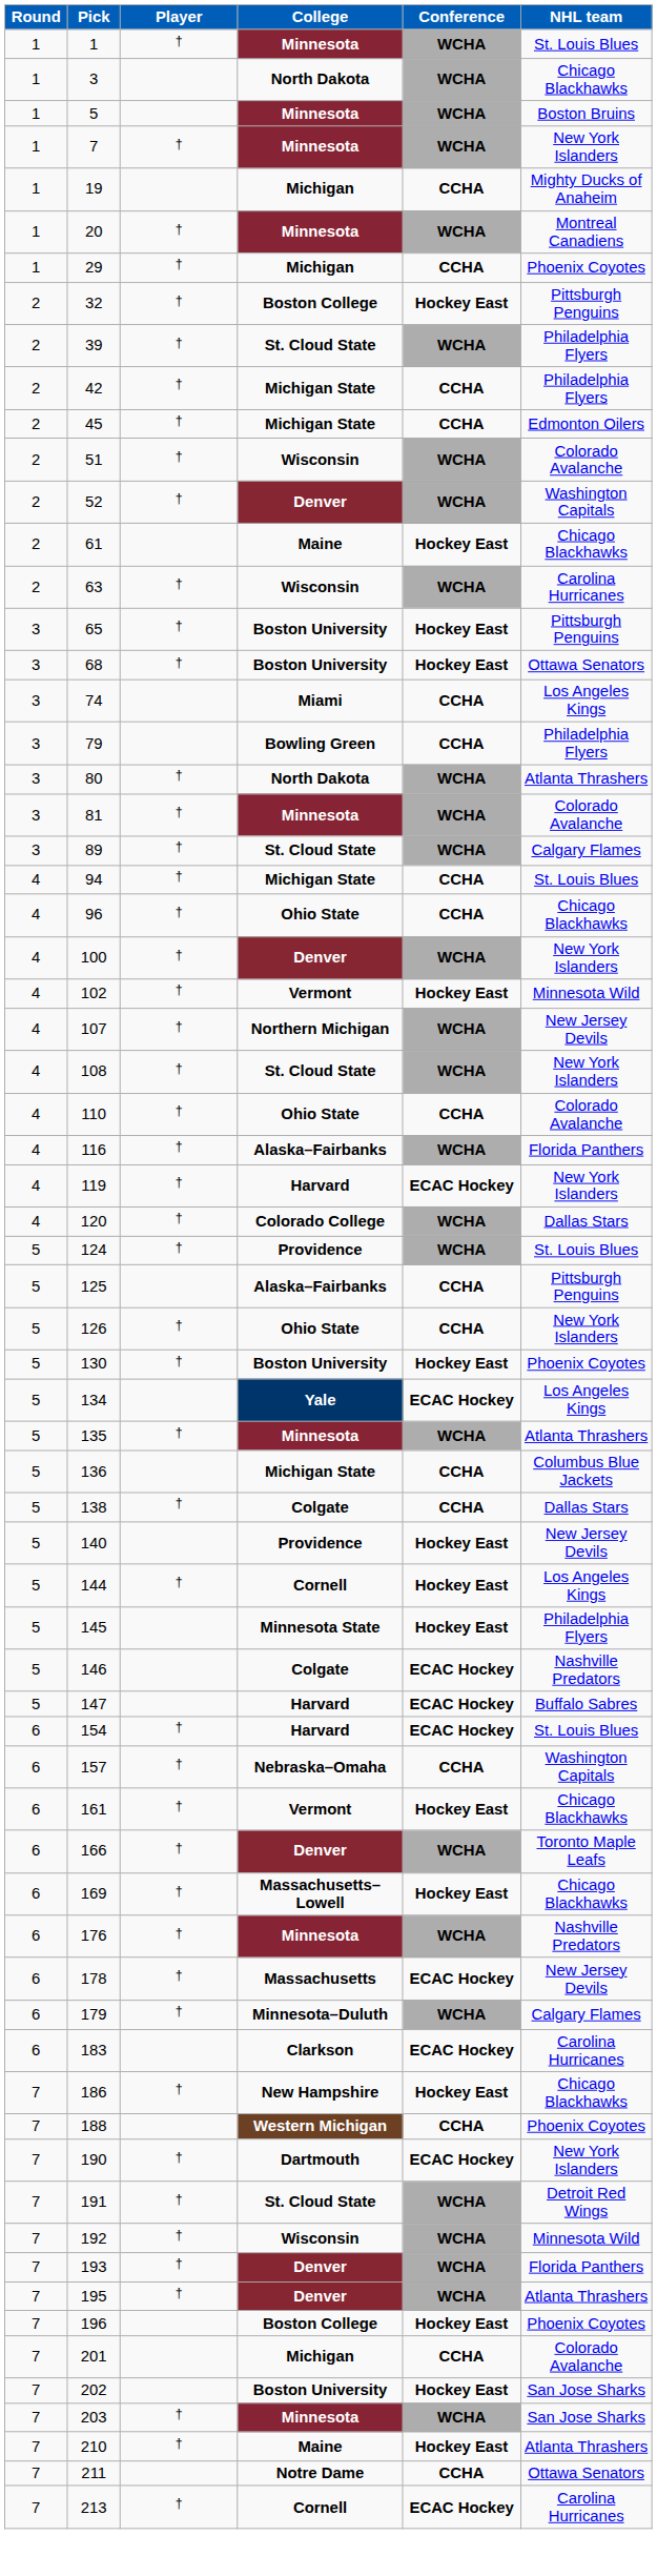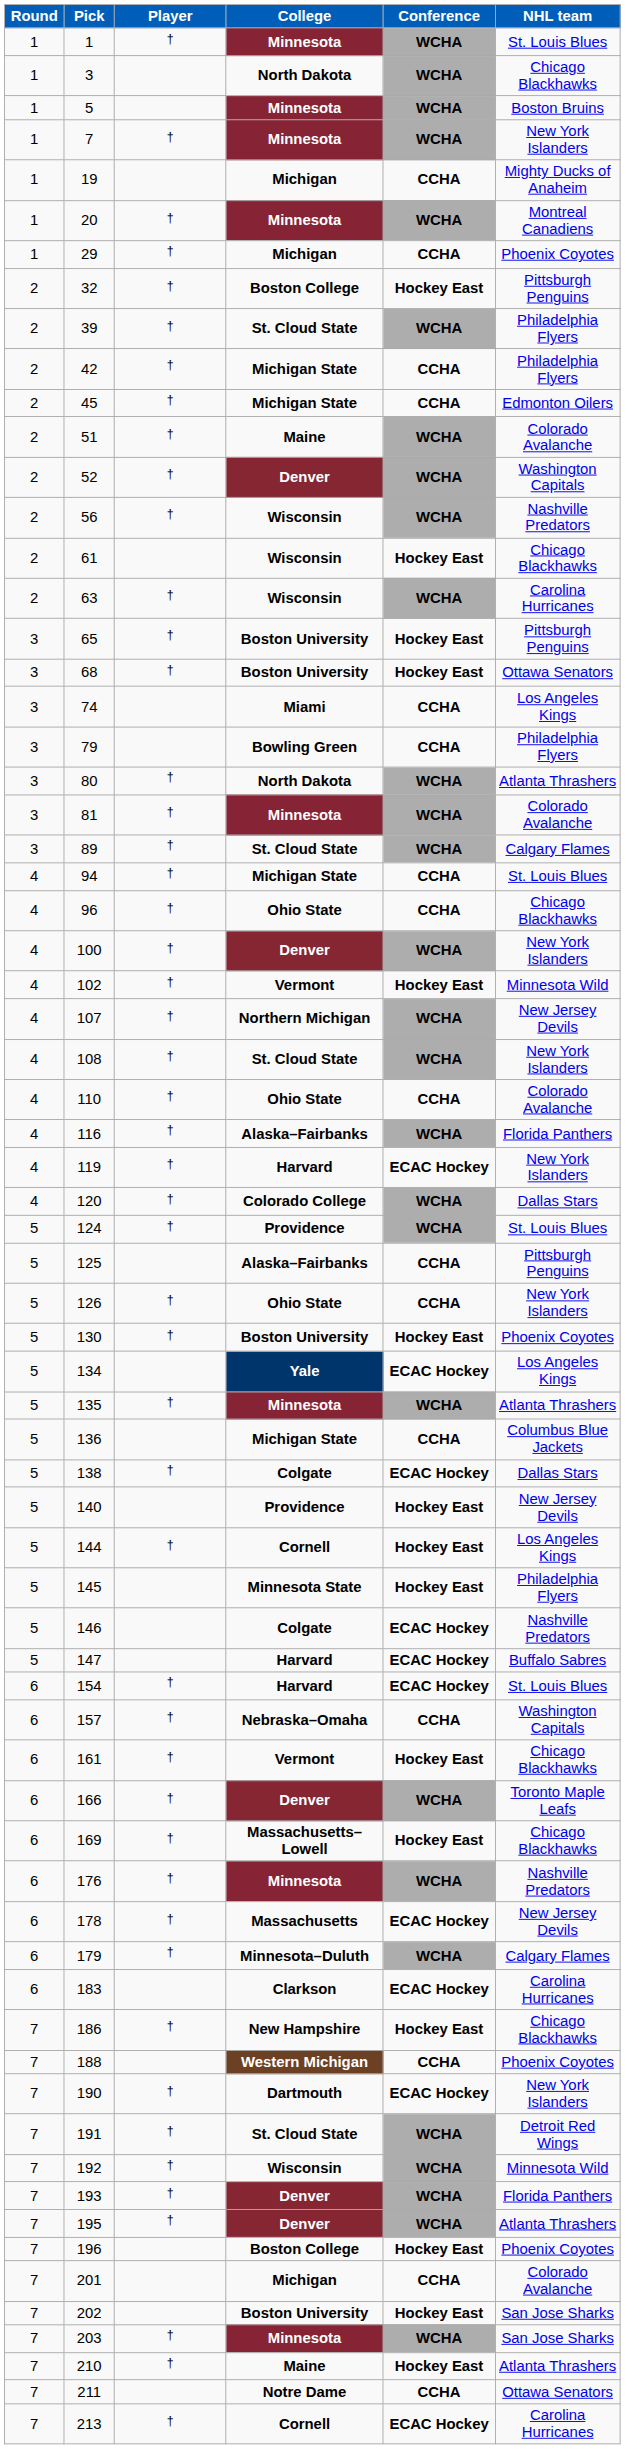 <table class="wikitable sortable" width="75%">
 <tr>
 <th style="color:white; background-color:#005EB8; width: 4em;">Round</th>
 <th style="color:white; background-color:#005EB8; width: 4em;">Pick</th>
 <th style="color:white; background-color:#005EB8; width: 12em;">Player</th>
 <th style="color:white; background-color:#005EB8; width: 13em;">College</th>
 <th style="color:white; background-color:#005EB8; width: 9em;">Conference</th>
 <th style="color:white; background-color:#005EB8; width: 11em;">NHL team</th>
 </tr>
 <tr align="center" bgcolor="">
 <td>1</td>
 <td>1</td>
 <td> <sup>†</sup></td>
 <td style="color:white; background:#862334; "><strong>Minnesota</strong></td>
 <td style="color:black; background:#ADADAD; "><strong>WCHA</strong></td>
 <td><a href='#'>St. Louis Blues</a></td>
 </tr>
 <tr align="center" bgcolor="">
 <td>1</td>
 <td>3</td>
 <td></td>
 <td><strong>North Dakota</strong></td>
 <td style="color:black; background:#ADADAD; "><strong>WCHA</strong></td>
 <td><a href='#'>Chicago Blackhawks</a></td>
 </tr>
 <tr align="center" bgcolor="">
 <td>1</td>
 <td>5</td>
 <td></td>
 <td style="color:white; background:#862334; "><strong>Minnesota</strong></td>
 <td style="color:black; background:#ADADAD; "><strong>WCHA</strong></td>
 <td><a href='#'>Boston Bruins</a></td>
 </tr>
 <tr align="center" bgcolor="">
 <td>1</td>
 <td>7</td>
 <td> <sup>†</sup></td>
 <td style="color:white; background:#862334; "><strong>Minnesota</strong></td>
 <td style="color:black; background:#ADADAD; "><strong>WCHA</strong></td>
 <td><a href='#'>New York Islanders</a></td>
 </tr>
 <tr align="center" bgcolor="">
 <td>1</td>
 <td>19</td>
 <td></td>
 <td><strong>Michigan</strong></td>
 <td><strong>CCHA</strong></td>
 <td><a href='#'>Mighty Ducks of Anaheim</a></td>
 </tr>
 <tr align="center" bgcolor="">
 <td>1</td>
 <td>20</td>
 <td> <sup>†</sup></td>
 <td style="color:white; background:#862334; "><strong>Minnesota</strong></td>
 <td style="color:black; background:#ADADAD; "><strong>WCHA</strong></td>
 <td><a href='#'>Montreal Canadiens</a></td>
 </tr>
 <tr align="center" bgcolor="">
 <td>1</td>
 <td>29</td>
 <td> <sup>†</sup></td>
 <td><strong>Michigan</strong></td>
 <td><strong>CCHA</strong></td>
 <td><a href='#'>Phoenix Coyotes</a></td>
 </tr>
 <tr align="center" bgcolor="">
 <td>2</td>
 <td>32</td>
 <td> <sup>†</sup></td>
 <td><strong>Boston College</strong></td>
 <td><strong>Hockey East</strong></td>
 <td><a href='#'>Pittsburgh Penguins</a></td>
 </tr>
 <tr align="center" bgcolor="">
 <td>2</td>
 <td>39</td>
 <td> <sup>†</sup></td>
 <td><strong>St. Cloud State</strong></td>
 <td style="color:black; background:#ADADAD; "><strong>WCHA</strong></td>
 <td><a href='#'>Philadelphia Flyers</a></td>
 </tr>
 <tr align="center" bgcolor="">
 <td>2</td>
 <td>42</td>
 <td> <sup>†</sup></td>
 <td><strong>Michigan State</strong></td>
 <td><strong>CCHA</strong></td>
 <td><a href='#'>Philadelphia Flyers</a></td>
 </tr>
 <tr align="center" bgcolor="">
 <td>2</td>
 <td>45</td>
 <td> <sup>†</sup></td>
 <td><strong>Michigan State</strong></td>
 <td><strong>CCHA</strong></td>
 <td><a href='#'>Edmonton Oilers</a></td>
 </tr>
 <tr align="center" bgcolor="">
 <td>2</td>
 <td>51</td>
 <td> <sup>†</sup></td>
-<td><strong>Wisconsin</strong></td>
+<td><strong>Maine</strong></td>
 <td style="color:black; background:#ADADAD; "><strong>WCHA</strong></td>
 <td><a href='#'>Colorado Avalanche</a></td>
 </tr>
 <tr align="center" bgcolor="">
 <td>2</td>
 <td>52</td>
 <td> <sup>†</sup></td>
 <td style="color:white; background:#862633; "><strong>Denver</strong></td>
 <td style="color:black; background:#ADADAD; "><strong>WCHA</strong></td>
 <td><a href='#'>Washington Capitals</a></td>
 </tr>
 <tr align="center" bgcolor="">
 <td>2</td>
+<td>56</td>
+<td> <sup>†</sup></td>
+<td><strong>Wisconsin</strong></td>
+<td style="color:black; background:#ADADAD; "><strong>WCHA</strong></td>
+<td><a href='#'>Nashville Predators</a></td>
+</tr>
+<tr align="center" bgcolor="">
+<td>2</td>
 <td>61</td>
 <td></td>
-<td><strong>Maine</strong></td>
+<td><strong>Wisconsin</strong></td>
 <td><strong>Hockey East</strong></td>
 <td><a href='#'>Chicago Blackhawks</a></td>
 </tr>
 <tr align="center" bgcolor="">
 <td>2</td>
 <td>63</td>
 <td> <sup>†</sup></td>
 <td><strong>Wisconsin</strong></td>
 <td style="color:black; background:#ADADAD; "><strong>WCHA</strong></td>
 <td><a href='#'>Carolina Hurricanes</a></td>
 </tr>
 <tr align="center" bgcolor="">
 <td>3</td>
 <td>65</td>
 <td> <sup>†</sup></td>
 <td><strong>Boston University</strong></td>
 <td><strong>Hockey East</strong></td>
 <td><a href='#'>Pittsburgh Penguins</a></td>
 </tr>
 <tr align="center" bgcolor="">
 <td>3</td>
 <td>68</td>
 <td> <sup>†</sup></td>
 <td><strong>Boston University</strong></td>
 <td><strong>Hockey East</strong></td>
 <td><a href='#'>Ottawa Senators</a></td>
 </tr>
 <tr align="center" bgcolor="">
 <td>3</td>
 <td>74</td>
 <td></td>
 <td><strong>Miami</strong></td>
 <td><strong>CCHA</strong></td>
 <td><a href='#'>Los Angeles Kings</a></td>
 </tr>
 <tr align="center" bgcolor="">
 <td>3</td>
 <td>79</td>
 <td></td>
 <td><strong>Bowling Green</strong></td>
 <td><strong>CCHA</strong></td>
 <td><a href='#'>Philadelphia Flyers</a></td>
 </tr>
 <tr align="center" bgcolor="">
 <td>3</td>
 <td>80</td>
 <td> <sup>†</sup></td>
 <td><strong>North Dakota</strong></td>
 <td style="color:black; background:#ADADAD; "><strong>WCHA</strong></td>
 <td><a href='#'>Atlanta Thrashers</a></td>
 </tr>
 <tr align="center" bgcolor="">
 <td>3</td>
 <td>81</td>
 <td> <sup>†</sup></td>
 <td style="color:white; background:#862334; "><strong>Minnesota</strong></td>
 <td style="color:black; background:#ADADAD; "><strong>WCHA</strong></td>
 <td><a href='#'>Colorado Avalanche</a></td>
 </tr>
 <tr align="center" bgcolor="">
 <td>3</td>
 <td>89</td>
 <td> <sup>†</sup></td>
 <td><strong>St. Cloud State</strong></td>
 <td style="color:black; background:#ADADAD; "><strong>WCHA</strong></td>
 <td><a href='#'>Calgary Flames</a></td>
 </tr>
 <tr align="center" bgcolor="">
 <td>4</td>
 <td>94</td>
 <td> <sup>†</sup></td>
 <td><strong>Michigan State</strong></td>
 <td><strong>CCHA</strong></td>
 <td><a href='#'>St. Louis Blues</a></td>
 </tr>
 <tr align="center" bgcolor="">
 <td>4</td>
 <td>96</td>
 <td> <sup>†</sup></td>
 <td><strong>Ohio State</strong></td>
 <td><strong>CCHA</strong></td>
 <td><a href='#'>Chicago Blackhawks</a></td>
 </tr>
 <tr align="center" bgcolor="">
 <td>4</td>
 <td>100</td>
 <td> <sup>†</sup></td>
 <td style="color:white; background:#862633; "><strong>Denver</strong></td>
 <td style="color:black; background:#ADADAD; "><strong>WCHA</strong></td>
 <td><a href='#'>New York Islanders</a></td>
 </tr>
 <tr align="center" bgcolor="">
 <td>4</td>
 <td>102</td>
 <td> <sup>†</sup></td>
 <td><strong>Vermont</strong></td>
 <td><strong>Hockey East</strong></td>
 <td><a href='#'>Minnesota Wild</a></td>
 </tr>
 <tr align="center" bgcolor="">
 <td>4</td>
 <td>107</td>
 <td> <sup>†</sup></td>
 <td><strong>Northern Michigan</strong></td>
 <td style="color:black; background:#ADADAD; "><strong>WCHA</strong></td>
 <td><a href='#'>New Jersey Devils</a></td>
 </tr>
 <tr align="center" bgcolor="">
 <td>4</td>
 <td>108</td>
 <td> <sup>†</sup></td>
 <td><strong>St. Cloud State</strong></td>
 <td style="color:black; background:#ADADAD; "><strong>WCHA</strong></td>
 <td><a href='#'>New York Islanders</a></td>
 </tr>
 <tr align="center" bgcolor="">
 <td>4</td>
 <td>110</td>
 <td> <sup>†</sup></td>
 <td><strong>Ohio State</strong></td>
 <td><strong>CCHA</strong></td>
 <td><a href='#'>Colorado Avalanche</a></td>
 </tr>
 <tr align="center" bgcolor="">
 <td>4</td>
 <td>116</td>
 <td> <sup>†</sup></td>
 <td><strong>Alaska–Fairbanks</strong></td>
 <td style="color:black; background:#ADADAD; "><strong>WCHA</strong></td>
 <td><a href='#'>Florida Panthers</a></td>
 </tr>
 <tr align="center" bgcolor="">
 <td>4</td>
 <td>119</td>
 <td> <sup>†</sup></td>
 <td><strong>Harvard</strong></td>
 <td><strong>ECAC Hockey</strong></td>
 <td><a href='#'>New York Islanders</a></td>
 </tr>
 <tr align="center" bgcolor="">
 <td>4</td>
 <td>120</td>
 <td> <sup>†</sup></td>
 <td><strong>Colorado College</strong></td>
 <td style="color:black; background:#ADADAD; "><strong>WCHA</strong></td>
 <td><a href='#'>Dallas Stars</a></td>
 </tr>
 <tr align="center" bgcolor="">
 <td>5</td>
 <td>124</td>
 <td> <sup>†</sup></td>
 <td><strong>Providence</strong></td>
 <td style="color:black; background:#ADADAD; "><strong>WCHA</strong></td>
 <td><a href='#'>St. Louis Blues</a></td>
 </tr>
 <tr align="center" bgcolor="">
 <td>5</td>
 <td>125</td>
 <td></td>
 <td><strong>Alaska–Fairbanks</strong></td>
 <td><strong>CCHA</strong></td>
 <td><a href='#'>Pittsburgh Penguins</a></td>
 </tr>
 <tr align="center" bgcolor="">
 <td>5</td>
 <td>126</td>
 <td> <sup>†</sup></td>
 <td><strong>Ohio State</strong></td>
 <td><strong>CCHA</strong></td>
 <td><a href='#'>New York Islanders</a></td>
 </tr>
 <tr align="center" bgcolor="">
 <td>5</td>
 <td>130</td>
 <td> <sup>†</sup></td>
 <td><strong>Boston University</strong></td>
 <td><strong>Hockey East</strong></td>
 <td><a href='#'>Phoenix Coyotes</a></td>
 </tr>
 <tr align="center" bgcolor="">
 <td>5</td>
 <td>134</td>
 <td></td>
 <td style="color:white; background:#00356B"><strong>Yale</strong></td>
 <td><strong>ECAC Hockey</strong></td>
 <td><a href='#'>Los Angeles Kings</a></td>
 </tr>
 <tr align="center" bgcolor="">
 <td>5</td>
 <td>135</td>
 <td> <sup>†</sup></td>
 <td style="color:white; background:#862334; "><strong>Minnesota</strong></td>
 <td style="color:black; background:#ADADAD; "><strong>WCHA</strong></td>
 <td><a href='#'>Atlanta Thrashers</a></td>
 </tr>
 <tr align="center" bgcolor="">
 <td>5</td>
 <td>136</td>
 <td></td>
 <td><strong>Michigan State</strong></td>
 <td><strong>CCHA</strong></td>
 <td><a href='#'>Columbus Blue Jackets</a></td>
 </tr>
 <tr align="center" bgcolor="">
 <td>5</td>
 <td>138</td>
 <td> <sup>†</sup></td>
 <td><strong>Colgate</strong></td>
-<td><strong>CCHA</strong></td>
+<td><strong>ECAC Hockey</strong></td>
 <td><a href='#'>Dallas Stars</a></td>
 </tr>
 <tr align="center" bgcolor="">
 <td>5</td>
 <td>140</td>
 <td></td>
 <td><strong>Providence</strong></td>
 <td><strong>Hockey East</strong></td>
 <td><a href='#'>New Jersey Devils</a></td>
 </tr>
 <tr align="center" bgcolor="">
 <td>5</td>
 <td>144</td>
 <td> <sup>†</sup></td>
 <td><strong>Cornell</strong></td>
 <td><strong>Hockey East</strong></td>
 <td><a href='#'>Los Angeles Kings</a></td>
 </tr>
 <tr align="center" bgcolor="">
 <td>5</td>
 <td>145</td>
 <td></td>
 <td><strong>Minnesota State</strong></td>
 <td><strong>Hockey East</strong></td>
 <td><a href='#'>Philadelphia Flyers</a></td>
 </tr>
 <tr align="center" bgcolor="">
 <td>5</td>
 <td>146</td>
 <td></td>
 <td><strong>Colgate</strong></td>
 <td><strong>ECAC Hockey</strong></td>
 <td><a href='#'>Nashville Predators</a></td>
 </tr>
 <tr align="center" bgcolor="">
 <td>5</td>
 <td>147</td>
 <td></td>
 <td><strong>Harvard</strong></td>
 <td><strong>ECAC Hockey</strong></td>
 <td><a href='#'>Buffalo Sabres</a></td>
 </tr>
 <tr align="center" bgcolor="">
 <td>6</td>
 <td>154</td>
 <td> <sup>†</sup></td>
 <td><strong>Harvard</strong></td>
 <td><strong>ECAC Hockey</strong></td>
 <td><a href='#'>St. Louis Blues</a></td>
 </tr>
 <tr align="center" bgcolor="">
 <td>6</td>
 <td>157</td>
 <td> <sup>†</sup></td>
 <td><strong>Nebraska–Omaha</strong></td>
 <td><strong>CCHA</strong></td>
 <td><a href='#'>Washington Capitals</a></td>
 </tr>
 <tr align="center" bgcolor="">
 <td>6</td>
 <td>161</td>
 <td> <sup>†</sup></td>
 <td><strong>Vermont</strong></td>
 <td><strong>Hockey East</strong></td>
 <td><a href='#'>Chicago Blackhawks</a></td>
 </tr>
 <tr align="center" bgcolor="">
 <td>6</td>
 <td>166</td>
 <td> <sup>†</sup></td>
 <td style="color:white; background:#862633; "><strong>Denver</strong></td>
 <td style="color:black; background:#ADADAD; "><strong>WCHA</strong></td>
 <td><a href='#'>Toronto Maple Leafs</a></td>
 </tr>
 <tr align="center" bgcolor="">
 <td>6</td>
 <td>169</td>
 <td> <sup>†</sup></td>
 <td><strong>Massachusetts–Lowell</strong></td>
 <td><strong>Hockey East</strong></td>
 <td><a href='#'>Chicago Blackhawks</a></td>
 </tr>
 <tr align="center" bgcolor="">
 <td>6</td>
 <td>176</td>
 <td> <sup>†</sup></td>
 <td style="color:white; background:#862334; "><strong>Minnesota</strong></td>
 <td style="color:black; background:#ADADAD; "><strong>WCHA</strong></td>
 <td><a href='#'>Nashville Predators</a></td>
 </tr>
 <tr align="center" bgcolor="">
 <td>6</td>
 <td>178</td>
 <td> <sup>†</sup></td>
 <td><strong>Massachusetts</strong></td>
 <td><strong>ECAC Hockey</strong></td>
 <td><a href='#'>New Jersey Devils</a></td>
 </tr>
 <tr align="center" bgcolor="">
 <td>6</td>
 <td>179</td>
 <td> <sup>†</sup></td>
 <td><strong>Minnesota–Duluth</strong></td>
 <td style="color:black; background:#ADADAD; "><strong>WCHA</strong></td>
 <td><a href='#'>Calgary Flames</a></td>
 </tr>
 <tr align="center" bgcolor="">
 <td>6</td>
 <td>183</td>
 <td></td>
 <td><strong>Clarkson</strong></td>
 <td><strong>ECAC Hockey</strong></td>
 <td><a href='#'>Carolina Hurricanes</a></td>
 </tr>
 <tr align="center" bgcolor="">
 <td>7</td>
 <td>186</td>
 <td> <sup>†</sup></td>
 <td><strong>New Hampshire</strong></td>
 <td><strong>Hockey East</strong></td>
 <td><a href='#'>Chicago Blackhawks</a></td>
 </tr>
 <tr align="center" bgcolor="">
 <td>7</td>
 <td>188</td>
 <td></td>
 <td style="color:white; background:#6C4023; "><strong>Western Michigan</strong></td>
 <td><strong>CCHA</strong></td>
 <td><a href='#'>Phoenix Coyotes</a></td>
 </tr>
 <tr align="center" bgcolor="">
 <td>7</td>
 <td>190</td>
 <td> <sup>†</sup></td>
 <td><strong>Dartmouth</strong></td>
 <td><strong>ECAC Hockey</strong></td>
 <td><a href='#'>New York Islanders</a></td>
 </tr>
 <tr align="center" bgcolor="">
 <td>7</td>
 <td>191</td>
 <td> <sup>†</sup></td>
 <td><strong>St. Cloud State</strong></td>
 <td style="color:black; background:#ADADAD; "><strong>WCHA</strong></td>
 <td><a href='#'>Detroit Red Wings</a></td>
 </tr>
 <tr align="center" bgcolor="">
 <td>7</td>
 <td>192</td>
 <td> <sup>†</sup></td>
 <td><strong>Wisconsin</strong></td>
 <td style="color:black; background:#ADADAD; "><strong>WCHA</strong></td>
 <td><a href='#'>Minnesota Wild</a></td>
 </tr>
 <tr align="center" bgcolor="">
 <td>7</td>
 <td>193</td>
 <td> <sup>†</sup></td>
 <td style="color:white; background:#862633; "><strong>Denver</strong></td>
 <td style="color:black; background:#ADADAD; "><strong>WCHA</strong></td>
 <td><a href='#'>Florida Panthers</a></td>
 </tr>
 <tr align="center" bgcolor="">
 <td>7</td>
 <td>195</td>
 <td> <sup>†</sup></td>
 <td style="color:white; background:#862633; "><strong>Denver</strong></td>
 <td style="color:black; background:#ADADAD; "><strong>WCHA</strong></td>
 <td><a href='#'>Atlanta Thrashers</a></td>
 </tr>
 <tr align="center" bgcolor="">
 <td>7</td>
 <td>196</td>
 <td></td>
 <td><strong>Boston College</strong></td>
 <td><strong>Hockey East</strong></td>
 <td><a href='#'>Phoenix Coyotes</a></td>
 </tr>
 <tr align="center" bgcolor="">
 <td>7</td>
 <td>201</td>
 <td></td>
 <td><strong>Michigan</strong></td>
 <td><strong>CCHA</strong></td>
 <td><a href='#'>Colorado Avalanche</a></td>
 </tr>
 <tr align="center" bgcolor="">
 <td>7</td>
 <td>202</td>
 <td></td>
 <td><strong>Boston University</strong></td>
 <td><strong>Hockey East</strong></td>
 <td><a href='#'>San Jose Sharks</a></td>
 </tr>
 <tr align="center" bgcolor="">
 <td>7</td>
 <td>203</td>
 <td> <sup>†</sup></td>
 <td style="color:white; background:#862334; "><strong>Minnesota</strong></td>
 <td style="color:black; background:#ADADAD; "><strong>WCHA</strong></td>
 <td><a href='#'>San Jose Sharks</a></td>
 </tr>
 <tr align="center" bgcolor="">
 <td>7</td>
 <td>210</td>
 <td> <sup>†</sup></td>
 <td><strong>Maine</strong></td>
 <td><strong>Hockey East</strong></td>
 <td><a href='#'>Atlanta Thrashers</a></td>
 </tr>
 <tr align="center" bgcolor="">
 <td>7</td>
 <td>211</td>
 <td></td>
 <td><strong>Notre Dame</strong></td>
 <td><strong>CCHA</strong></td>
 <td><a href='#'>Ottawa Senators</a></td>
 </tr>
 <tr align="center" bgcolor="">
 <td>7</td>
 <td>213</td>
 <td> <sup>†</sup></td>
 <td><strong>Cornell</strong></td>
 <td><strong>ECAC Hockey</strong></td>
 <td><a href='#'>Carolina Hurricanes</a></td>
 </tr>
 </table>
